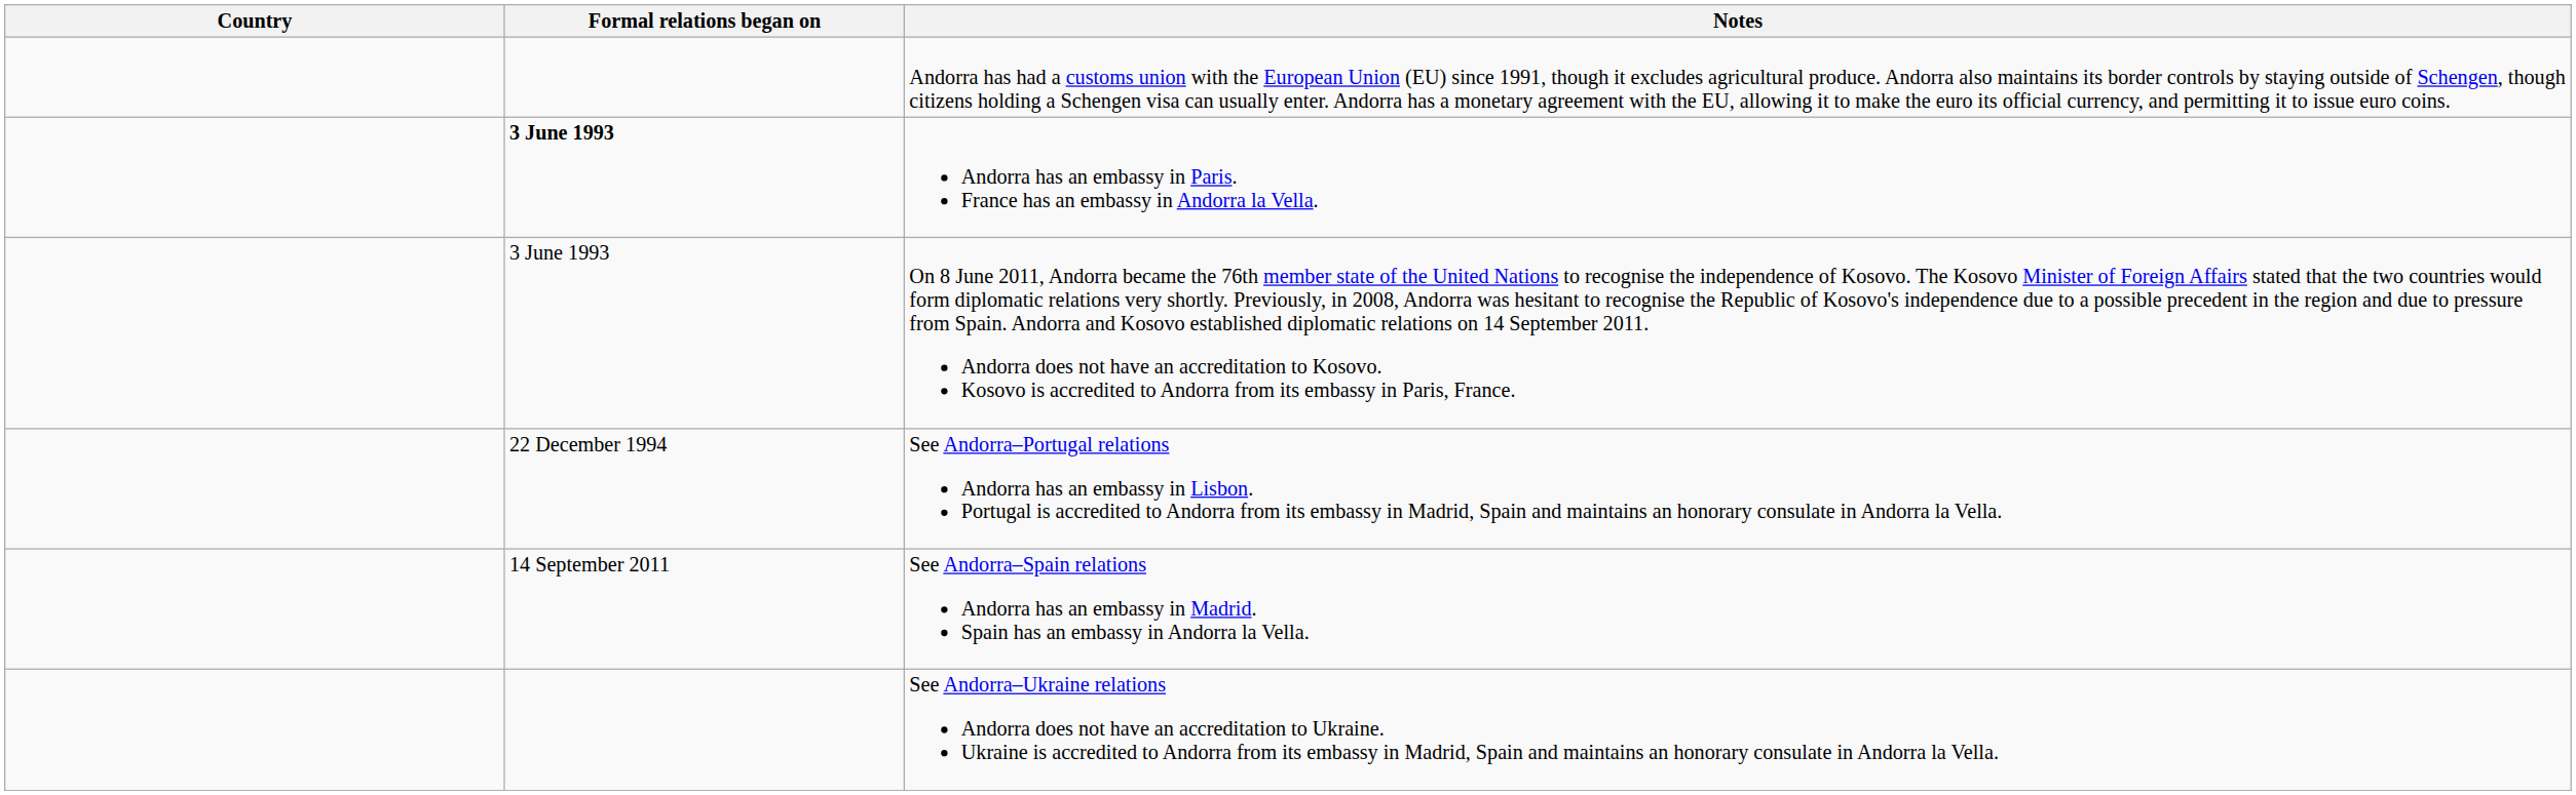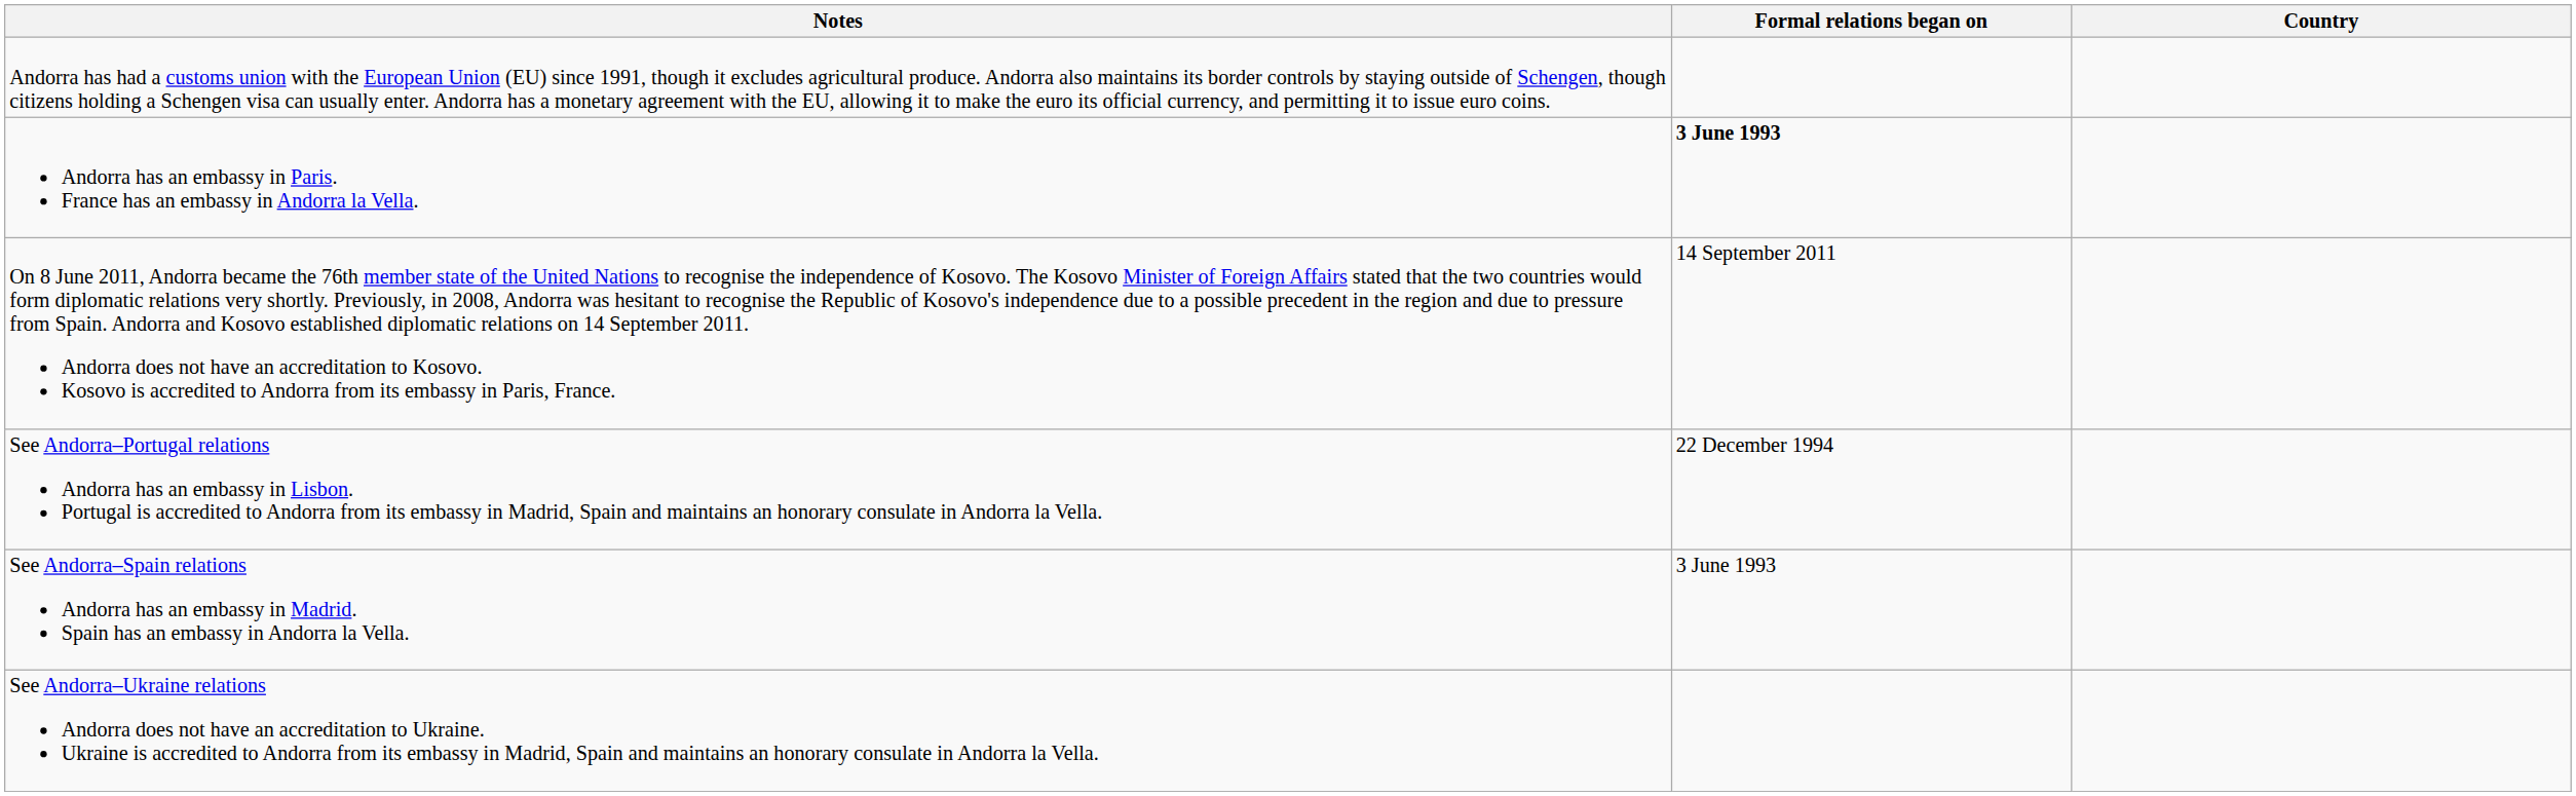 <table class="wikitable sortable" style="width:100%; margin:auto;">
 <tr>
+<th style="width:50%;">Notes</th>
+<th style="width:12%;">Formal relations began on</th>
 <th style="width:15%;">Country</th>
-<th style="width:12%;">Formal relations began on</th>
-<th style="width:50%;">Notes</th>
 </tr>
 <tr valign="top">
+<td><br> Andorra has had a <a href='#'>customs union</a> with the <a href='#'>European Union</a> (EU) since 1991, though it excludes agricultural produce. Andorra also maintains its border controls by staying outside of <a href='#'>Schengen</a>, though citizens holding a Schengen visa can usually enter. Andorra has a monetary agreement with the EU, allowing it to make the euro its official currency, and permitting it to issue euro coins.</td>
 <td></td>
 <td></td>
-<td><br> Andorra has had a <a href='#'>customs union</a> with the <a href='#'>European Union</a> (EU) since 1991, though it excludes agricultural produce. Andorra also maintains its border controls by staying outside of <a href='#'>Schengen</a>, though citizens holding a Schengen visa can usually enter. Andorra has a monetary agreement with the EU, allowing it to make the euro its official currency, and permitting it to issue euro coins.</td>
 </tr>
 <tr valign="top">
+<td><br><ul><li>Andorra has an embassy in <a href='#'>Paris</a>.</li><li>France has an embassy in <a href='#'>Andorra la Vella</a>.</li></ul></td>
+<td><strong>3 June 1993</strong></td>
 <td></td>
-<td><strong>3 June 1993</strong></td>
-<td><br><ul><li>Andorra has an embassy in <a href='#'>Paris</a>.</li><li>France has an embassy in <a href='#'>Andorra la Vella</a>.</li></ul></td>
 </tr>
 <tr valign="top">
+<td><br>On 8 June 2011, Andorra became the 76th <a href='#'>member state of the United Nations</a> to recognise the independence of Kosovo. The Kosovo <a href='#'>Minister of Foreign Affairs</a> stated that the two countries would form diplomatic relations very shortly. Previously, in 2008, Andorra was hesitant to recognise the Republic of Kosovo's independence due to a possible precedent in the region and due to pressure from Spain. Andorra and Kosovo established diplomatic relations on 14 September 2011.<ul><li>Andorra does not have an accreditation to Kosovo.</li><li>Kosovo is accredited to Andorra from its embassy in Paris, France.</li></ul></td>
+<td>14 September 2011</td>
 <td></td>
-<td>3 June 1993</td>
-<td><br>On 8 June 2011, Andorra became the 76th <a href='#'>member state of the United Nations</a> to recognise the independence of Kosovo. The Kosovo <a href='#'>Minister of Foreign Affairs</a> stated that the two countries would form diplomatic relations very shortly. Previously, in 2008, Andorra was hesitant to recognise the Republic of Kosovo's independence due to a possible precedent in the region and due to pressure from Spain. Andorra and Kosovo established diplomatic relations on 14 September 2011.<ul><li>Andorra does not have an accreditation to Kosovo.</li><li>Kosovo is accredited to Andorra from its embassy in Paris, France.</li></ul></td>
 </tr>
 <tr valign="top">
+<td>See <a href='#'>Andorra–Portugal relations</a><br><ul><li>Andorra has an embassy in <a href='#'>Lisbon</a>.</li><li>Portugal is accredited to Andorra from its embassy in Madrid, Spain and maintains an honorary consulate in Andorra la Vella.</li></ul></td>
+<td>22 December 1994</td>
 <td></td>
-<td>22 December 1994</td>
-<td>See <a href='#'>Andorra–Portugal relations</a><br><ul><li>Andorra has an embassy in <a href='#'>Lisbon</a>.</li><li>Portugal is accredited to Andorra from its embassy in Madrid, Spain and maintains an honorary consulate in Andorra la Vella.</li></ul></td>
 </tr>
 <tr valign="top">
+<td>See <a href='#'>Andorra–Spain relations</a><br><ul><li>Andorra has an embassy in <a href='#'>Madrid</a>.</li><li>Spain has an embassy in Andorra la Vella.</li></ul></td>
+<td>3 June 1993</td>
 <td></td>
-<td>14 September 2011</td>
-<td>See <a href='#'>Andorra–Spain relations</a><br><ul><li>Andorra has an embassy in <a href='#'>Madrid</a>.</li><li>Spain has an embassy in Andorra la Vella.</li></ul></td>
 </tr>
 <tr valign="top">
+<td>See <a href='#'>Andorra–Ukraine relations</a><br><ul><li>Andorra does not have an accreditation to Ukraine.</li><li>Ukraine is accredited to Andorra from its embassy in Madrid, Spain and maintains an honorary consulate in Andorra la Vella.</li></ul></td>
 <td></td>
 <td></td>
-<td>See <a href='#'>Andorra–Ukraine relations</a><br><ul><li>Andorra does not have an accreditation to Ukraine.</li><li>Ukraine is accredited to Andorra from its embassy in Madrid, Spain and maintains an honorary consulate in Andorra la Vella.</li></ul></td>
 </tr>
 </table>
